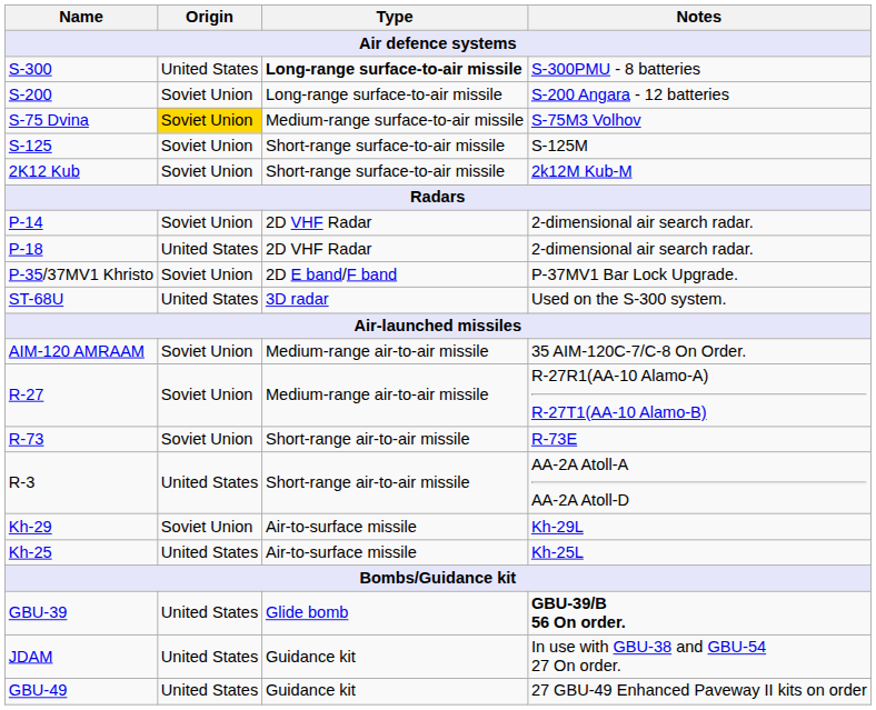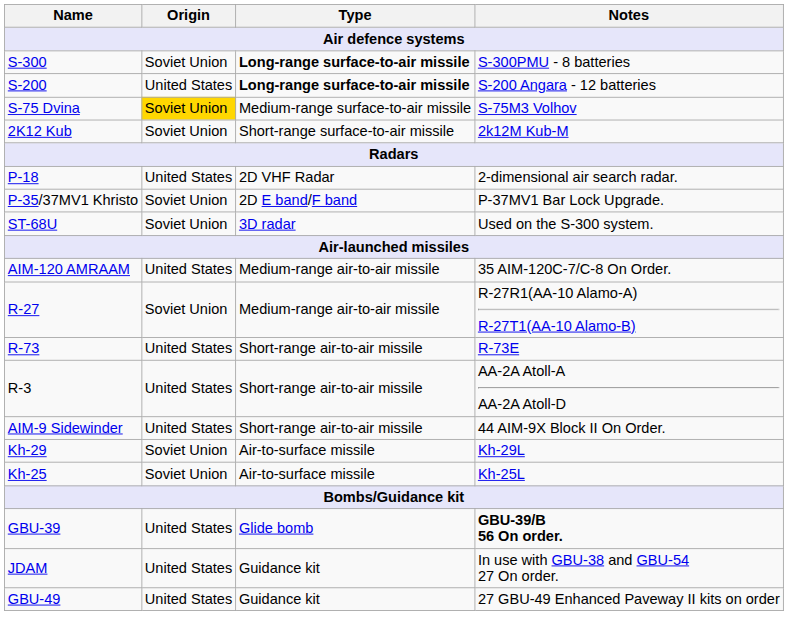 <table class="wikitable">
 <tr>
 <th>Name</th>
 <th>Origin</th>
 <th>Type</th>
 <th>Notes</th>
 </tr>
 <tr>
 <th style="align: center; background: lavender;" colspan="4">Air defence systems</th>
 </tr>
 <tr>
 <td><a href='#'>S-300</a></td>
-<td>United States</td>
+<td>Soviet Union</td>
 <td><strong>Long-range surface-to-air missile</strong></td>
 <td><a href='#'>S-300PMU</a> - 8 batteries</td>
 </tr>
 <tr>
 <td><a href='#'>S-200</a></td>
-<td>Soviet Union</td>
-<td>Long-range surface-to-air missile</td>
+<td>United States</td>
+<td><strong>Long-range surface-to-air missile</strong></td>
 <td><a href='#'>S-200 Angara</a> - 12 batteries</td>
 </tr>
 <tr>
 <td><a href='#'>S-75 Dvina</a></td>
 <td style="background: gold;">Soviet Union</td>
 <td>Medium-range surface-to-air missile</td>
 <td><a href='#'>S-75M3 Volhov</a></td>
 </tr>
 <tr>
-<td><a href='#'>S-125</a></td>
-<td>Soviet Union</td>
-<td>Short-range surface-to-air missile</td>
-<td>S-125M</td>
-</tr>
-<tr>
 <td><a href='#'>2K12 Kub</a></td>
 <td>Soviet Union</td>
 <td>Short-range surface-to-air missile</td>
 <td><a href='#'>2k12M Kub-M</a></td>
 </tr>
 <tr>
 <th style="align: center; background: lavender;" colspan="4">Radars</th>
-</tr>
-<tr>
-<td><a href='#'>P-14</a></td>
-<td>Soviet Union</td>
-<td>2D <a href='#'>VHF</a> Radar</td>
-<td>2-dimensional air search radar.</td>
 </tr>
 <tr>
 <td><a href='#'>P-18</a></td>
 <td>United States</td>
 <td>2D VHF Radar</td>
 <td>2-dimensional air search radar.</td>
 </tr>
 <tr>
 <td><a href='#'>P-35</a>/37MV1 Khristo</td>
 <td>Soviet Union</td>
 <td>2D <a href='#'>E band</a>/<a href='#'>F band</a></td>
 <td>P-37MV1 Bar Lock Upgrade.</td>
 </tr>
 <tr>
 <td><a href='#'>ST-68U</a></td>
-<td>United States</td>
+<td>Soviet Union</td>
 <td><a href='#'>3D radar</a></td>
 <td>Used on the S-300 system.</td>
 </tr>
 <tr>
 <th style="align: center; background: lavender;" colspan="4">Air-launched missiles</th>
 </tr>
 <tr>
 <td><a href='#'>AIM-120 AMRAAM</a></td>
-<td>Soviet Union</td>
+<td>United States</td>
 <td>Medium-range air-to-air missile</td>
 <td>35 AIM-120C-7/C-8 On Order.</td>
 </tr>
 <tr>
 <td><a href='#'>R-27</a></td>
 <td>Soviet Union</td>
 <td>Medium-range air-to-air missile</td>
 <td>R-27R1(AA-10 Alamo-A)<hr><a href='#'>R-27T1(AA-10 Alamo-B)</a></td>
 </tr>
 <tr>
 <td><a href='#'>R-73</a></td>
-<td>Soviet Union</td>
+<td>United States</td>
 <td>Short-range air-to-air missile</td>
 <td><a href='#'>R-73E</a></td>
 </tr>
 <tr>
 <td>R-3</td>
 <td>United States</td>
 <td>Short-range air-to-air missile</td>
 <td>AA-2A Atoll-A<hr>AA-2A Atoll-D</td>
 </tr>
 <tr>
+<td><a href='#'>AIM-9 Sidewinder</a></td>
+<td>United States</td>
+<td>Short-range air-to-air missile</td>
+<td>44 AIM-9X Block II On Order.</td>
+</tr>
+<tr>
 <td><a href='#'>Kh-29</a></td>
 <td>Soviet Union</td>
 <td>Air-to-surface missile</td>
 <td><a href='#'>Kh-29L</a></td>
 </tr>
 <tr>
 <td><a href='#'>Kh-25</a></td>
-<td>United States</td>
+<td>Soviet Union</td>
 <td>Air-to-surface missile</td>
 <td><a href='#'>Kh-25L</a></td>
 </tr>
 <tr>
 <th style="align: center; background: lavender;" colspan="4">Bombs/Guidance kit</th>
 </tr>
 <tr>
 <td><a href='#'>GBU-39</a></td>
 <td>United States</td>
 <td><a href='#'>Glide bomb</a></td>
 <td><strong>GBU-39/B<br>56 On order.</strong></td>
 </tr>
 <tr>
 <td><a href='#'>JDAM</a></td>
 <td>United States</td>
 <td>Guidance kit</td>
 <td>In use with <a href='#'>GBU-38</a> and <a href='#'>GBU-54</a><br>27 On order.</td>
 </tr>
 <tr>
 <td><a href='#'>GBU-49</a></td>
 <td>United States</td>
 <td>Guidance kit</td>
 <td>27 GBU-49 Enhanced Paveway II kits on order</td>
 </tr>
 </table>
